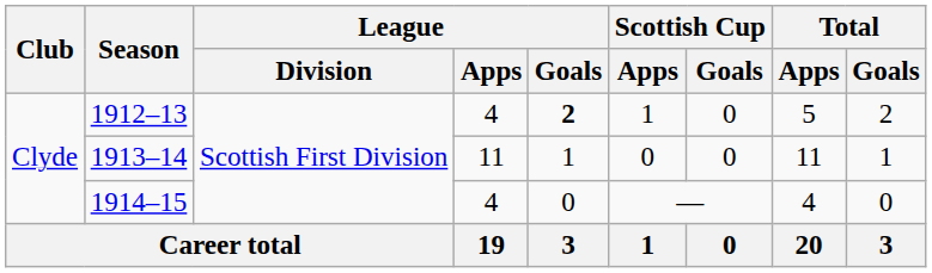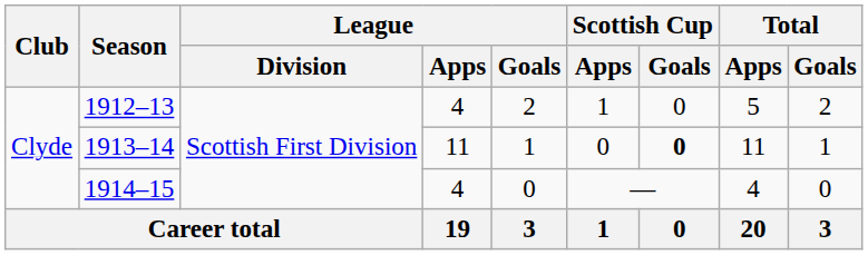 <table class="wikitable" style="text-align: center">
 <tr>
 <th rowspan="2">Club</th>
 <th rowspan="2">Season</th>
 <th colspan="3">League</th>
 <th colspan="2">Scottish Cup</th>
 <th colspan="2">Total</th>
 </tr>
 <tr>
 <th>Division</th>
 <th>Apps</th>
 <th>Goals</th>
 <th>Apps</th>
 <th>Goals</th>
 <th>Apps</th>
 <th>Goals</th>
 </tr>
 <tr>
 <td rowspan="3"><a href='#'>Clyde</a></td>
 <td><a href='#'>1912–13</a></td>
 <td rowspan="3"><a href='#'>Scottish First Division</a></td>
 <td>4</td>
-<td><strong>2</strong></td>
+<td>2</td>
 <td>1</td>
 <td>0</td>
 <td>5</td>
 <td>2</td>
 </tr>
 <tr>
 <td><a href='#'>1913–14</a></td>
 <td>11</td>
 <td>1</td>
 <td>0</td>
-<td>0</td>
+<td><strong>0</strong></td>
 <td>11</td>
 <td>1</td>
 </tr>
 <tr>
 <td><a href='#'>1914–15</a></td>
 <td>4</td>
 <td>0</td>
 <td colspan="2">―</td>
 <td>4</td>
 <td>0</td>
 </tr>
 <tr>
 <th colspan="3">Career total</th>
 <th>19</th>
 <th>3</th>
 <th>1</th>
 <th>0</th>
 <th>20</th>
 <th>3</th>
 </tr>
 </table>
